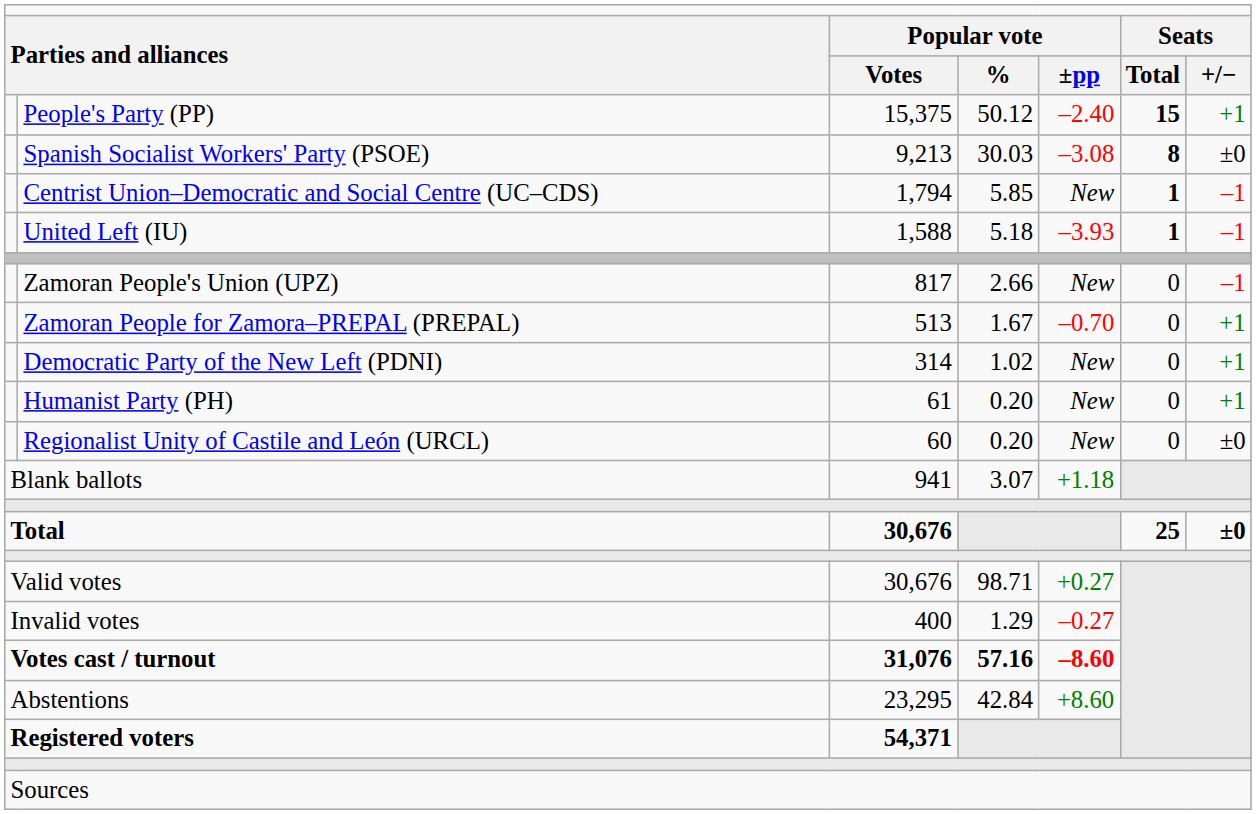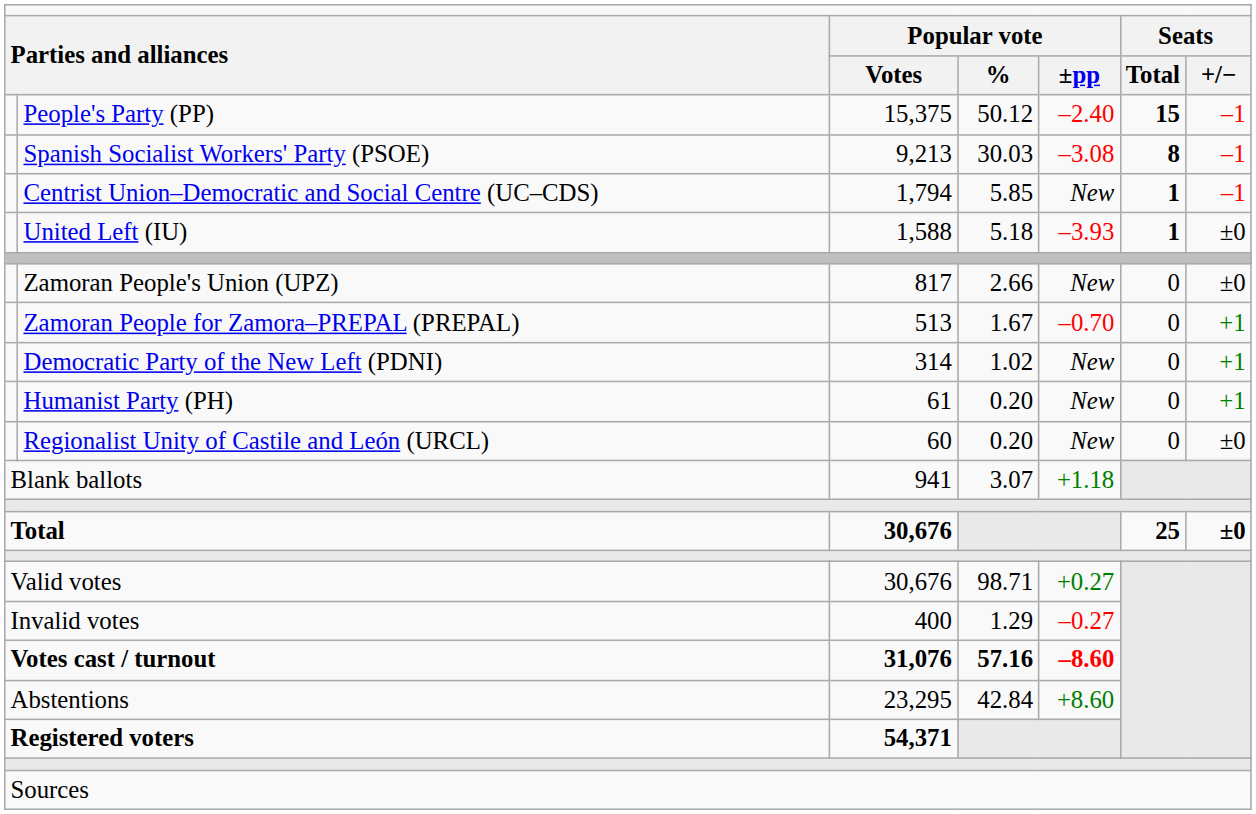 <table class="wikitable" style="text-align:right;">
 <tr>
 <td colspan="7"></td>
 </tr>
 <tr>
 <th style="text-align:left;" rowspan="2" colspan="2" width="525">Parties and alliances</th>
 <th colspan="3">Popular vote</th>
 <th colspan="2">Seats</th>
 </tr>
 <tr>
 <th width="75">Votes</th>
 <th width="45">%</th>
 <th width="45">±<a href='#'>pp</a></th>
 <th width="35">Total</th>
 <th width="35">+/−</th>
 </tr>
 <tr>
 <td width="1" style="color:inherit;background:"></td>
 <td align="left"><a href='#'>People's Party</a> (PP)</td>
 <td>15,375</td>
 <td>50.12</td>
 <td style="color:red;">–2.40</td>
 <td><strong>15</strong></td>
-<td style="color:green;">+1</td>
+<td style="color:red;">–1</td>
 </tr>
 <tr>
 <td style="color:inherit;background:"></td>
 <td align="left"><a href='#'>Spanish Socialist Workers' Party</a> (PSOE)</td>
 <td>9,213</td>
 <td>30.03</td>
 <td style="color:red;">–3.08</td>
 <td><strong>8</strong></td>
-<td>±0</td>
+<td style="color:red;">–1</td>
 </tr>
 <tr>
 <td style="color:inherit;background:"></td>
 <td align="left"><a href='#'>Centrist Union–Democratic and Social Centre</a> (UC–CDS)</td>
 <td>1,794</td>
 <td>5.85</td>
 <td><em>New</em></td>
 <td><strong>1</strong></td>
 <td style="color:red;">–1</td>
 </tr>
 <tr>
 <td style="color:inherit;background:"></td>
 <td align="left"><a href='#'>United Left</a> (IU)</td>
 <td>1,588</td>
 <td>5.18</td>
 <td style="color:red;">–3.93</td>
 <td><strong>1</strong></td>
-<td style="color:red;">–1</td>
+<td>±0</td>
 </tr>
 <tr>
 <td colspan="7" bgcolor="#C0C0C0"></td>
 </tr>
 <tr>
 <td style="color:inherit;background:"></td>
 <td align="left">Zamoran People's Union (UPZ)</td>
 <td>817</td>
 <td>2.66</td>
 <td><em>New</em></td>
 <td>0</td>
-<td style="color:red;">–1</td>
+<td>±0</td>
 </tr>
 <tr>
 <td style="color:inherit;background:"></td>
 <td align="left"><a href='#'>Zamoran People for Zamora–PREPAL</a> (PREPAL)</td>
 <td>513</td>
 <td>1.67</td>
 <td style="color:red;">–0.70</td>
 <td>0</td>
 <td style="color:green;">+1</td>
 </tr>
 <tr>
 <td style="color:inherit;background:"></td>
 <td align="left"><a href='#'>Democratic Party of the New Left</a> (PDNI)</td>
 <td>314</td>
 <td>1.02</td>
 <td><em>New</em></td>
 <td>0</td>
 <td style="color:green;">+1</td>
 </tr>
 <tr>
 <td style="color:inherit;background:"></td>
 <td align="left"><a href='#'>Humanist Party</a> (PH)</td>
 <td>61</td>
 <td>0.20</td>
 <td><em>New</em></td>
 <td>0</td>
 <td style="color:green;">+1</td>
 </tr>
 <tr>
 <td style="color:inherit;background:"></td>
 <td align="left"><a href='#'>Regionalist Unity of Castile and León</a> (URCL)</td>
 <td>60</td>
 <td>0.20</td>
 <td><em>New</em></td>
 <td>0</td>
 <td>±0</td>
 </tr>
 <tr>
 <td align="left" colspan="2">Blank ballots</td>
 <td>941</td>
 <td>3.07</td>
 <td style="color:green;">+1.18</td>
 <td bgcolor="#E9E9E9" colspan="2"></td>
 </tr>
 <tr>
 <td colspan="7" bgcolor="#E9E9E9"></td>
 </tr>
 <tr style="font-weight:bold;">
 <td align="left" colspan="2">Total</td>
 <td>30,676</td>
 <td bgcolor="#E9E9E9" colspan="2"></td>
 <td>25</td>
 <td>±0</td>
 </tr>
 <tr>
 <td colspan="7" bgcolor="#E9E9E9"></td>
 </tr>
 <tr>
 <td align="left" colspan="2">Valid votes</td>
 <td>30,676</td>
 <td>98.71</td>
 <td style="color:green;">+0.27</td>
 <td bgcolor="#E9E9E9" colspan="2" rowspan="5"></td>
 </tr>
 <tr>
 <td align="left" colspan="2">Invalid votes</td>
 <td>400</td>
 <td>1.29</td>
 <td style="color:red;">–0.27</td>
 </tr>
 <tr style="font-weight:bold;">
 <td align="left" colspan="2">Votes cast / turnout</td>
 <td>31,076</td>
 <td>57.16</td>
 <td style="color:red;">–8.60</td>
 </tr>
 <tr>
 <td align="left" colspan="2">Abstentions</td>
 <td>23,295</td>
 <td>42.84</td>
 <td style="color:green;">+8.60</td>
 </tr>
 <tr style="font-weight:bold;">
 <td align="left" colspan="2">Registered voters</td>
 <td>54,371</td>
 <td bgcolor="#E9E9E9" colspan="2"></td>
 </tr>
 <tr>
 <td colspan="7" bgcolor="#E9E9E9"></td>
 </tr>
 <tr>
 <td align="left" colspan="7">Sources</td>
 </tr>
 </table>
